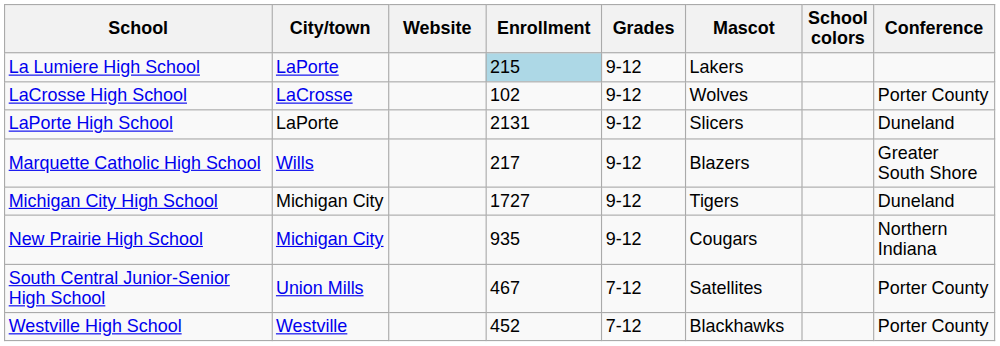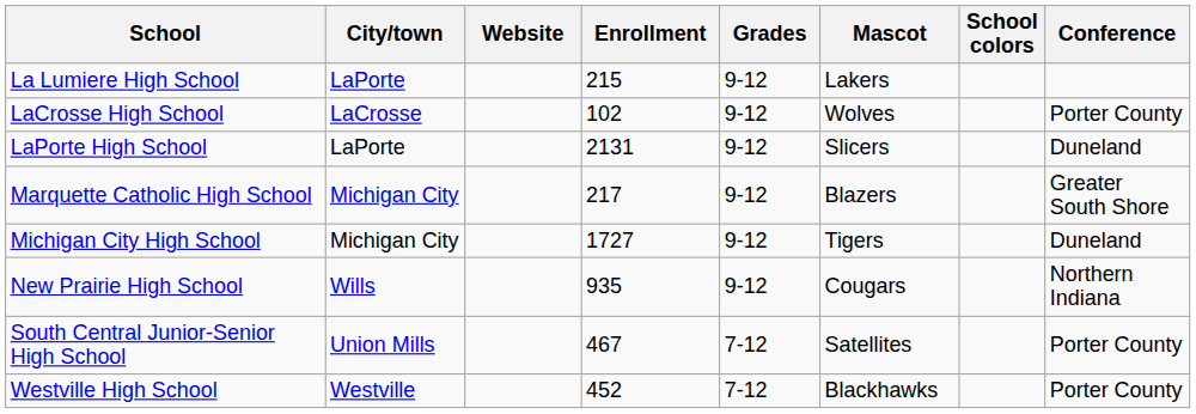 <table class="wikitable sortable" width="70%">
 <tr>
 <th width="20%">School</th>
 <th width="08%">City/town</th>
 <th width="06%">Website</th>
 <th width="04%">Enrollment</th>
 <th width="04%">Grades</th>
 <th width="04%">Mascot</th>
 <th width=01%>School colors</th>
 <th width="04%">Conference</th>
 </tr>
 <tr>
 <td><a href='#'>La Lumiere High School</a></td>
 <td><a href='#'>LaPorte</a></td>
 <td></td>
-<td style="background: lightblue;">215</td>
+<td>215</td>
 <td>9-12</td>
 <td>Lakers</td>
 <td> </td>
 <td></td>
 </tr>
 <tr>
 <td><a href='#'>LaCrosse High School</a></td>
 <td><a href='#'>LaCrosse</a></td>
 <td></td>
 <td>102</td>
 <td>9-12</td>
 <td>Wolves</td>
 <td> </td>
 <td>Porter County</td>
 </tr>
 <tr>
 <td><a href='#'>LaPorte High School</a></td>
 <td>LaPorte</td>
 <td></td>
 <td>2131</td>
 <td>9-12</td>
 <td>Slicers</td>
 <td> </td>
 <td>Duneland</td>
 </tr>
 <tr>
 <td><a href='#'>Marquette Catholic High School</a></td>
-<td><a href='#'>Wills</a></td>
+<td><a href='#'>Michigan City</a></td>
 <td></td>
 <td>217</td>
 <td>9-12</td>
 <td>Blazers</td>
 <td> </td>
 <td>Greater South Shore</td>
 </tr>
 <tr>
 <td><a href='#'>Michigan City High School</a></td>
 <td>Michigan City</td>
 <td></td>
 <td>1727</td>
 <td>9-12</td>
 <td>Tigers</td>
 <td>  </td>
 <td>Duneland</td>
 </tr>
 <tr>
 <td><a href='#'>New Prairie High School</a></td>
-<td><a href='#'>Michigan City</a></td>
+<td><a href='#'>Wills</a></td>
 <td></td>
 <td>935</td>
 <td>9-12</td>
 <td>Cougars</td>
 <td>  </td>
 <td>Northern Indiana</td>
 </tr>
 <tr>
 <td><a href='#'>South Central Junior-Senior High School</a></td>
 <td><a href='#'>Union Mills</a></td>
 <td></td>
 <td>467</td>
 <td>7-12</td>
 <td>Satellites</td>
 <td> </td>
 <td>Porter County</td>
 </tr>
 <tr>
 <td><a href='#'>Westville High School</a></td>
 <td><a href='#'>Westville</a></td>
 <td></td>
 <td>452</td>
 <td>7-12</td>
 <td>Blackhawks</td>
 <td> </td>
 <td>Porter County</td>
 </tr>
 </table>
